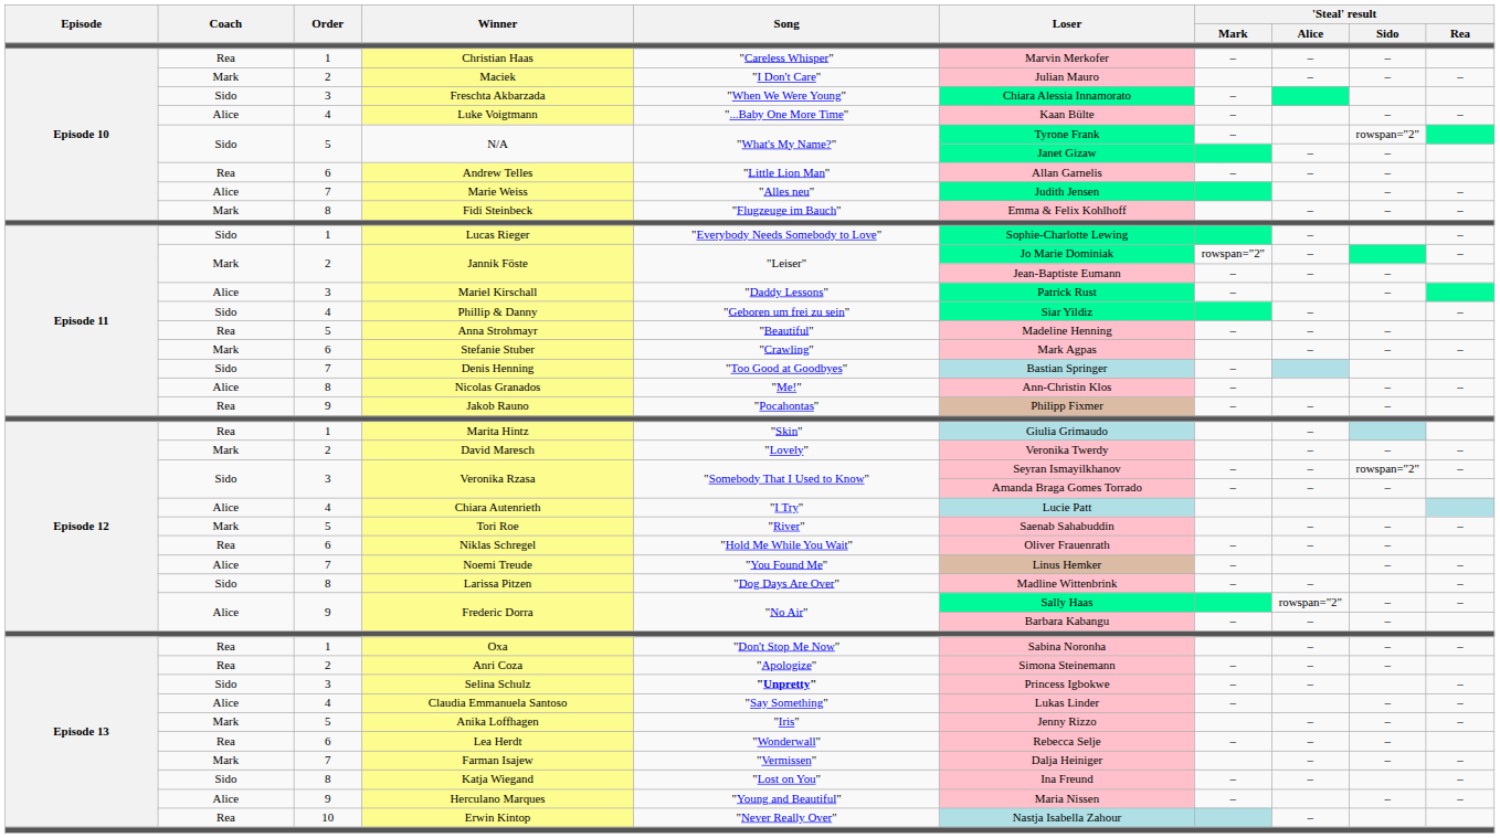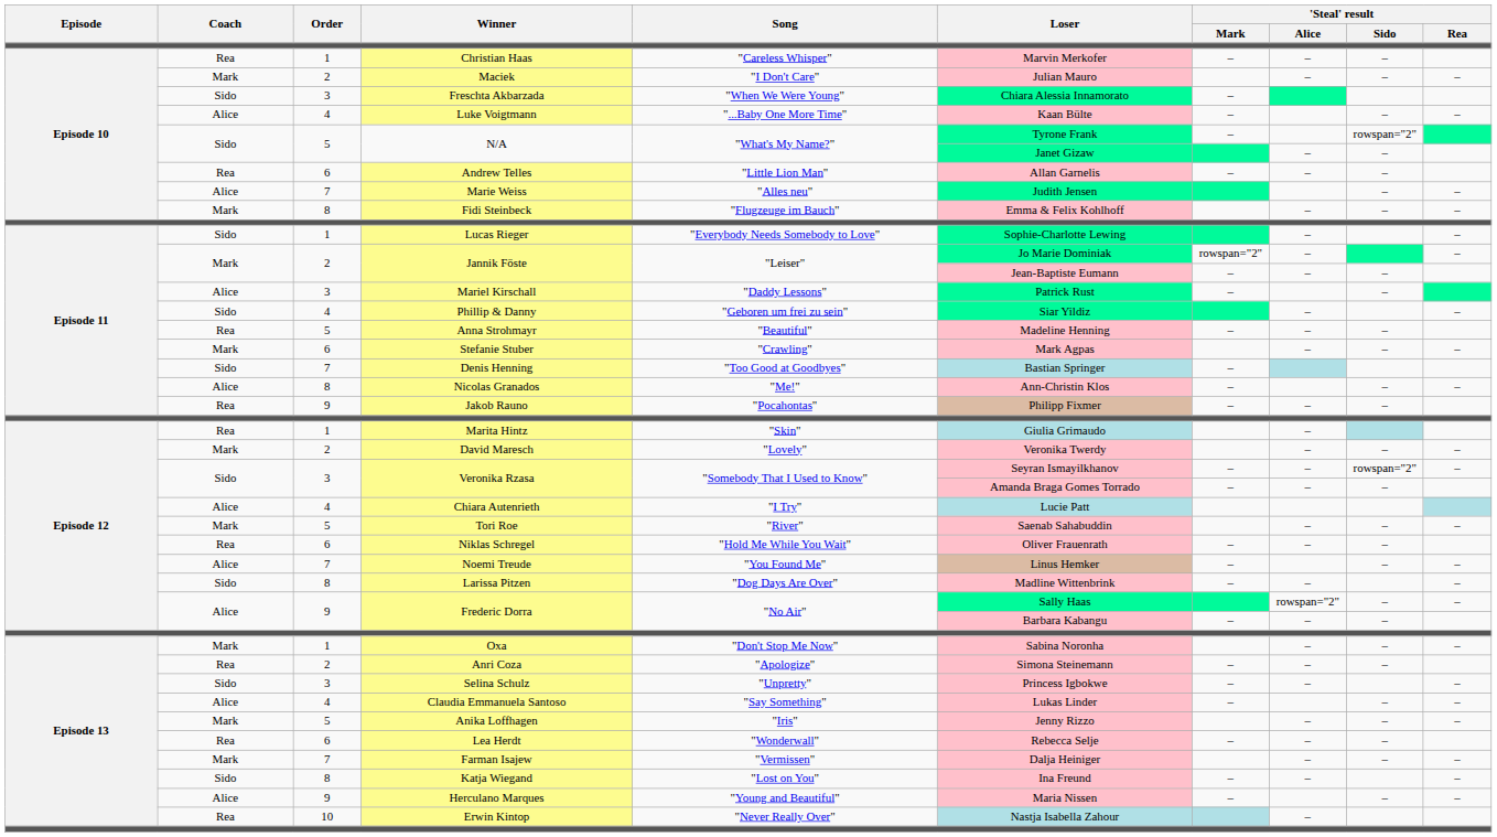 <table class="wikitable" style="text-align: center; width:100%;">
 <tr>
 <th rowspan="2" style="width:09%;">Episode</th>
 <th rowspan="2" style="width:08%;">Coach</th>
 <th rowspan="2" style="width:04%;">Order</th>
 <th rowspan="2" style="width:16%;">Winner</th>
 <th rowspan="2" style="width:18%;">Song</th>
 <th rowspan="2" style="width:15%;">Loser</th>
 <th colspan="4" style="width:17%;">'Steal' result</th>
 </tr>
 <tr>
 <th style="width:04%;">Mark</th>
 <th style="width:04%;">Alice</th>
 <th style="width:04%;">Sido</th>
 <th style="width:04%;">Rea</th>
 </tr>
 <tr>
 <td colspan="10" style="background:#555;"></td>
 </tr>
 <tr>
 <th rowspan="9">Episode 10<br><small></small></th>
 <td>Rea</td>
 <td>1</td>
 <td style="background:#FDFC8F;">Christian Haas</td>
 <td>"<a href='#'>Careless Whisper</a>"</td>
 <td bgcolor=pink>Marvin Merkofer</td>
 <td>–</td>
 <td>–</td>
 <td>–</td>
 <td></td>
 </tr>
 <tr>
 <td>Mark</td>
 <td>2</td>
 <td style="background:#FDFC8F;">Maciek</td>
 <td>"<a href='#'>I Don't Care</a>"</td>
 <td bgcolor=pink>Julian Mauro</td>
 <td></td>
 <td>–</td>
 <td>–</td>
 <td>–</td>
 </tr>
 <tr>
 <td>Sido</td>
 <td>3</td>
 <td style="background:#FDFC8F;">Freschta Akbarzada</td>
 <td>"<a href='#'>When We Were Young</a>"</td>
 <td style="background: #00fa9a;">Chiara Alessia Innamorato</td>
 <td>–</td>
 <td style="background: #00fa9a;"><strong></strong></td>
 <td></td>
 <td><strong></strong></td>
 </tr>
 <tr>
 <td>Alice</td>
 <td>4</td>
 <td style="background:#FDFC8F;">Luke Voigtmann</td>
 <td>"<a href='#'>...Baby One More Time</a>"</td>
 <td bgcolor=pink>Kaan Bülte</td>
 <td>–</td>
 <td></td>
 <td>–</td>
 <td>–</td>
 </tr>
 <tr>
 <td rowspan="2">Sido</td>
 <td rowspan="2">5</td>
 <td rowspan="2">N/A</td>
 <td rowspan="2">"<a href='#'>What's My Name?</a>"</td>
 <td style="background: #00fa9a;">Tyrone Frank</td>
 <td>–</td>
 <td><strong></strong></td>
 <td>rowspan="2" </td>
 <td style="background: #00fa9a;"><strong></strong></td>
 </tr>
 <tr>
 <td style="background: #00fa9a;">Janet Gizaw</td>
 <td style="background: #00fa9a;"><strong></strong></td>
 <td>–</td>
 <td>–</td>
 </tr>
 <tr>
 <td>Rea</td>
 <td>6</td>
 <td style="background:#FDFC8F;">Andrew Telles</td>
 <td>"<a href='#'>Little Lion Man</a>"</td>
 <td bgcolor=pink>Allan Garnelis</td>
 <td>–</td>
 <td>–</td>
 <td>–</td>
 <td></td>
 </tr>
 <tr>
 <td>Alice</td>
 <td>7</td>
 <td style="background:#FDFC8F;">Marie Weiss</td>
 <td>"<a href='#'>Alles neu</a>"</td>
 <td style="background: #00fa9a;">Judith Jensen</td>
 <td style="background: #00fa9a;"><strong></strong></td>
 <td></td>
 <td>–</td>
 <td>–</td>
 </tr>
 <tr>
 <td>Mark</td>
 <td>8</td>
 <td style="background:#FDFC8F;">Fidi Steinbeck</td>
 <td>"<a href='#'>Flugzeuge im Bauch</a>"</td>
 <td bgcolor=pink>Emma & Felix Kohlhoff</td>
 <td></td>
 <td>–</td>
 <td>–</td>
 <td>–</td>
 </tr>
 <tr>
 <td colspan="10" style="background:#555;"></td>
 </tr>
 <tr>
 <th rowspan="10">Episode 11<br><small></small></th>
 <td>Sido</td>
 <td>1</td>
 <td style="background:#FDFC8F;">Lucas Rieger</td>
 <td>"<a href='#'>Everybody Needs Somebody to Love</a>"</td>
 <td style="background: #00fa9a;">Sophie-Charlotte Lewing</td>
 <td style="background: #00fa9a;"><strong></strong></td>
 <td>–</td>
 <td></td>
 <td>–</td>
 </tr>
 <tr>
 <td rowspan="2">Mark</td>
 <td rowspan="2">2</td>
 <td rowspan="2" style="background:#FDFC8F;">Jannik Föste</td>
 <td rowspan="2">"Leiser"</td>
 <td style="background: #00fa9a;">Jo Marie Dominiak</td>
 <td>rowspan="2" </td>
 <td>–</td>
 <td style="background: #00fa9a;"><strong></strong></td>
 <td>–</td>
 </tr>
 <tr>
 <td bgcolor=pink>Jean-Baptiste Eumann</td>
 <td>–</td>
 <td>–</td>
 <td>–</td>
 </tr>
 <tr>
 <td>Alice</td>
 <td>3</td>
 <td style="background:#FDFC8F;">Mariel Kirschall</td>
 <td>"<a href='#'>Daddy Lessons</a>"</td>
 <td style="background: #00fa9a;">Patrick Rust</td>
 <td>–</td>
 <td></td>
 <td>–</td>
 <td style="background: #00fa9a;"><strong></strong></td>
 </tr>
 <tr>
 <td>Sido</td>
 <td>4</td>
 <td style="background:#FDFC8F;">Phillip & Danny</td>
 <td>"<a href='#'>Geboren um frei zu sein</a>"</td>
 <td style="background: #00fa9a;">Siar Yildiz</td>
 <td style="background: #00fa9a;"><strong></strong></td>
 <td>–</td>
 <td></td>
 <td>–</td>
 </tr>
 <tr>
 <td>Rea</td>
 <td>5</td>
 <td style="background:#FDFC8F;">Anna Strohmayr</td>
 <td>"<a href='#'>Beautiful</a>"</td>
 <td bgcolor=pink>Madeline Henning</td>
 <td>–</td>
 <td>–</td>
 <td>–</td>
 <td></td>
 </tr>
 <tr>
 <td>Mark</td>
 <td>6</td>
 <td style="background:#FDFC8F;">Stefanie Stuber</td>
 <td>"<a href='#'>Crawling</a>"</td>
 <td bgcolor=pink>Mark Agpas</td>
 <td></td>
 <td>–</td>
 <td>–</td>
 <td>–</td>
 </tr>
 <tr>
 <td>Sido</td>
 <td>7</td>
 <td style="background:#FDFC8F;">Denis Henning</td>
 <td>"<a href='#'>Too Good at Goodbyes</a>"</td>
 <td style="background: #b0e0e6;">Bastian Springer</td>
 <td>–</td>
 <td style="background: #b0e0e6;"><strong></strong></td>
 <td></td>
 <td><strong></strong></td>
 </tr>
 <tr>
 <td>Alice</td>
 <td>8</td>
 <td style="background:#FDFC8F;">Nicolas Granados</td>
 <td>"<a href='#'>Me!</a>"</td>
 <td bgcolor=pink>Ann-Christin Klos</td>
 <td>–</td>
 <td></td>
 <td>–</td>
 <td>–</td>
 </tr>
 <tr>
 <td>Rea</td>
 <td>9</td>
 <td style="background:#FDFC8F;">Jakob Rauno</td>
 <td>"<a href='#'>Pocahontas</a>"</td>
 <td bgcolor=#dbbba4>Philipp Fixmer</td>
 <td>–</td>
 <td>–</td>
 <td>–</td>
 <td></td>
 </tr>
 <tr>
 <td colspan="10" style="background:#555;"></td>
 </tr>
 <tr>
 <th rowspan="11">Episode 12<br><small></small></th>
 <td>Rea</td>
 <td>1</td>
 <td style="background:#FDFC8F;">Marita Hintz</td>
 <td>"<a href='#'>Skin</a>"</td>
 <td style="background: #b0e0e6;">Giulia Grimaudo</td>
 <td><strong></strong></td>
 <td>–</td>
 <td style="background: #b0e0e6;"><strong></strong></td>
 <td></td>
 </tr>
 <tr>
 <td>Mark</td>
 <td>2</td>
 <td style="background:#FDFC8F;">David Maresch</td>
 <td>"<a href='#'>Lovely</a>"</td>
 <td bgcolor=pink>Veronika Twerdy</td>
 <td></td>
 <td>–</td>
 <td>–</td>
 <td>–</td>
 </tr>
 <tr>
 <td rowspan="2">Sido</td>
 <td rowspan="2">3</td>
 <td rowspan="2" style="background:#FDFC8F;">Veronika Rzasa</td>
 <td rowspan="2">"<a href='#'>Somebody That I Used to Know</a>"</td>
 <td bgcolor=pink>Seyran Ismayilkhanov</td>
 <td>–</td>
 <td>–</td>
 <td>rowspan="2" </td>
 <td>–</td>
 </tr>
 <tr>
 <td bgcolor=pink>Amanda Braga Gomes Torrado</td>
 <td>–</td>
 <td>–</td>
 <td>–</td>
 </tr>
 <tr>
 <td>Alice</td>
 <td>4</td>
 <td style="background:#FDFC8F;">Chiara Autenrieth</td>
 <td>"<a href='#'>I Try</a>"</td>
 <td style="background: #b0e0e6;">Lucie Patt</td>
 <td><strong></strong></td>
 <td></td>
 <td><strong></strong></td>
 <td style="background: #b0e0e6;"><strong></strong></td>
 </tr>
 <tr>
 <td>Mark</td>
 <td>5</td>
 <td style="background:#FDFC8F;">Tori Roe</td>
 <td>"<a href='#'>River</a>"</td>
 <td bgcolor=pink>Saenab Sahabuddin</td>
 <td></td>
 <td>–</td>
 <td>–</td>
 <td>–</td>
 </tr>
 <tr>
 <td>Rea</td>
 <td>6</td>
 <td style="background:#FDFC8F;">Niklas Schregel</td>
 <td>"<a href='#'>Hold Me While You Wait</a>"</td>
 <td bgcolor=pink>Oliver Frauenrath</td>
 <td>–</td>
 <td>–</td>
 <td>–</td>
 <td></td>
 </tr>
 <tr>
 <td>Alice</td>
 <td>7</td>
 <td style="background:#FDFC8F;">Noemi Treude</td>
 <td>"<a href='#'>You Found Me</a>"</td>
 <td bgcolor=#dbbba4>Linus Hemker</td>
 <td>–</td>
 <td></td>
 <td>–</td>
 <td>–</td>
 </tr>
 <tr>
 <td>Sido</td>
 <td>8</td>
 <td style="background:#FDFC8F;">Larissa Pitzen</td>
 <td>"<a href='#'>Dog Days Are Over</a>"</td>
 <td bgcolor=pink>Madline Wittenbrink</td>
 <td>–</td>
 <td>–</td>
 <td></td>
 <td>–</td>
 </tr>
 <tr>
 <td rowspan="2">Alice</td>
 <td rowspan="2">9</td>
 <td rowspan="2" style="background:#FDFC8F;">Frederic Dorra</td>
 <td rowspan="2">"<a href='#'>No Air</a>"</td>
 <td style="background: #00fa9a;">Sally Haas</td>
 <td style="background: #00fa9a;"><strong></strong></td>
 <td>rowspan="2" </td>
 <td>–</td>
 <td>–</td>
 </tr>
 <tr>
 <td bgcolor=pink>Barbara Kabangu</td>
 <td>–</td>
 <td>–</td>
 <td>–</td>
 </tr>
 <tr>
 <td colspan="10" style="background:#555;"></td>
 </tr>
 <tr>
 <th rowspan="10">Episode 13<br><small></small></th>
-<td>Rea</td>
+<td>Mark</td>
 <td>1</td>
 <td style="background:#FDFC8F;">Oxa</td>
 <td>"<a href='#'>Don't Stop Me Now</a>"</td>
 <td bgcolor=pink>Sabina Noronha</td>
 <td></td>
 <td>–</td>
 <td>–</td>
 <td>–</td>
 </tr>
 <tr>
 <td>Rea</td>
 <td>2</td>
 <td style="background:#FDFC8F;">Anri Coza</td>
 <td>"<a href='#'>Apologize</a>"</td>
 <td bgcolor=pink>Simona Steinemann</td>
 <td>–</td>
 <td>–</td>
 <td>–</td>
 <td></td>
 </tr>
 <tr>
 <td>Sido</td>
 <td>3</td>
 <td style="background:#FDFC8F;">Selina Schulz</td>
-<td><strong>"<a href='#'>Unpretty</a>"</strong></td>
+<td>"<a href='#'>Unpretty</a>"</td>
 <td bgcolor=pink>Princess Igbokwe</td>
 <td>–</td>
 <td>–</td>
 <td></td>
 <td>–</td>
 </tr>
 <tr>
 <td>Alice</td>
 <td>4</td>
 <td style="background:#FDFC8F;">Claudia Emmanuela Santoso</td>
 <td>"<a href='#'>Say Something</a>"</td>
 <td bgcolor=pink>Lukas Linder</td>
 <td>–</td>
 <td></td>
 <td>–</td>
 <td>–</td>
 </tr>
 <tr>
 <td>Mark</td>
 <td>5</td>
 <td style="background:#FDFC8F;">Anika Loffhagen</td>
 <td>"<a href='#'>Iris</a>"</td>
 <td bgcolor=pink>Jenny Rizzo</td>
 <td></td>
 <td>–</td>
 <td>–</td>
 <td>–</td>
 </tr>
 <tr>
 <td>Rea</td>
 <td>6</td>
 <td style="background:#FDFC8F;">Lea Herdt</td>
 <td>"<a href='#'>Wonderwall</a>"</td>
 <td bgcolor=pink>Rebecca Selje</td>
 <td>–</td>
 <td>–</td>
 <td>–</td>
 <td></td>
 </tr>
 <tr>
 <td>Mark</td>
 <td>7</td>
 <td style="background:#FDFC8F;">Farman Isajew</td>
 <td>"<a href='#'>Vermissen</a>"</td>
 <td bgcolor=pink>Dalja Heiniger</td>
 <td></td>
 <td>–</td>
 <td>–</td>
 <td>–</td>
 </tr>
 <tr>
 <td>Sido</td>
 <td>8</td>
 <td style="background:#FDFC8F;">Katja Wiegand</td>
 <td>"<a href='#'>Lost on You</a>"</td>
 <td bgcolor=pink>Ina Freund</td>
 <td>–</td>
 <td>–</td>
 <td></td>
 <td>–</td>
 </tr>
 <tr>
 <td>Alice</td>
 <td>9</td>
 <td style="background:#FDFC8F;">Herculano Marques</td>
 <td>"<a href='#'>Young and Beautiful</a>"</td>
 <td bgcolor=pink>Maria Nissen</td>
 <td>–</td>
 <td></td>
 <td>–</td>
 <td>–</td>
 </tr>
 <tr>
 <td>Rea</td>
 <td>10</td>
 <td style="background:#FDFC8F;">Erwin Kintop</td>
 <td>"<a href='#'>Never Really Over</a>"</td>
 <td style="background: #b0e0e6;">Nastja Isabella Zahour</td>
 <td style="background: #b0e0e6;"><strong></strong></td>
 <td>–</td>
 <td><strong></strong></td>
 <td></td>
 </tr>
 <tr>
 <td colspan="10" style="background:#555;"></td>
 </tr>
 <tr>
 </tr>
 </table>
